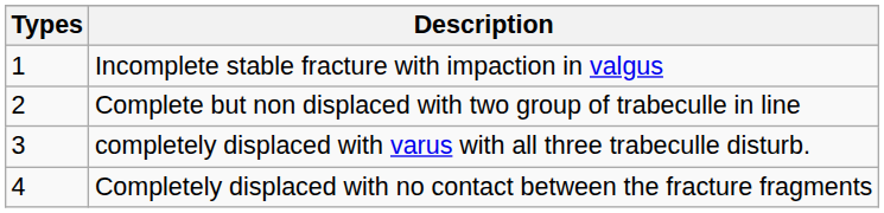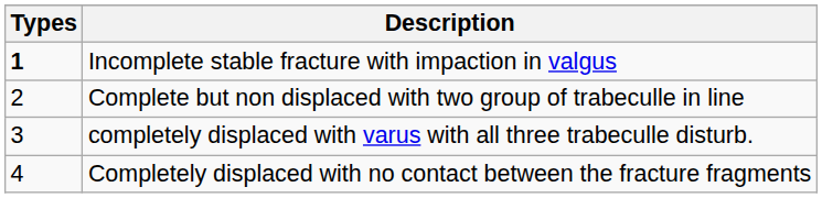 <table class="wikitable">
 <tr>
 </tr>
 <tr>
 <th>Types</th>
 <th>Description</th>
 </tr>
 <tr>
-<td>1</td>
+<td><strong>1</strong></td>
 <td>Incomplete stable fracture with impaction in <a href='#'>valgus</a></td>
 </tr>
 <tr>
 <td>2</td>
 <td>Complete but non displaced with two group of trabeculle in line</td>
 </tr>
 <tr>
 <td>3</td>
 <td>completely displaced with <a href='#'>varus</a> with all three trabeculle disturb.</td>
 </tr>
 <tr>
 <td>4</td>
 <td>Completely displaced with no contact between the fracture fragments</td>
 </tr>
 </table>
